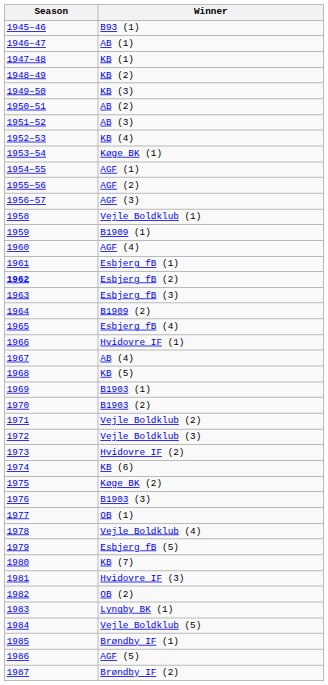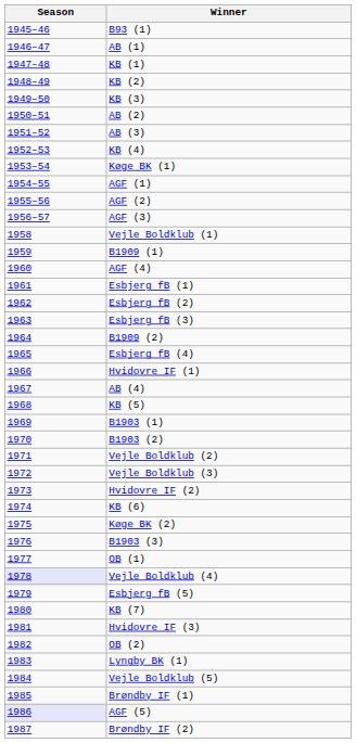 <table class="wikitable" style="width:400px; font-size:90%;">
 <tr>
 <th>Season</th>
 <th>Winner</th>
 </tr>
 <tr>
 <td><a href='#'>1945–46</a></td>
 <td><a href='#'>B93</a> (1)</td>
 </tr>
 <tr>
 <td><a href='#'>1946–47</a></td>
 <td><a href='#'>AB</a> (1)</td>
 </tr>
 <tr>
 <td><a href='#'>1947–48</a></td>
 <td><a href='#'>KB</a> (1)</td>
 </tr>
 <tr>
 <td><a href='#'>1948–49</a></td>
 <td><a href='#'>KB</a> (2)</td>
 </tr>
 <tr>
 <td><a href='#'>1949–50</a></td>
 <td><a href='#'>KB</a> (3)</td>
 </tr>
 <tr>
 <td><a href='#'>1950–51</a></td>
 <td><a href='#'>AB</a> (2)</td>
 </tr>
 <tr>
 <td><a href='#'>1951–52</a></td>
 <td><a href='#'>AB</a> (3)</td>
 </tr>
 <tr>
 <td><a href='#'>1952–53</a></td>
 <td><a href='#'>KB</a> (4)</td>
 </tr>
 <tr>
 <td><a href='#'>1953–54</a></td>
 <td><a href='#'>Køge BK</a> (1)</td>
 </tr>
 <tr>
 <td><a href='#'>1954–55</a></td>
 <td><a href='#'>AGF</a> (1)</td>
 </tr>
 <tr>
 <td><a href='#'>1955–56</a></td>
 <td><a href='#'>AGF</a> (2)</td>
 </tr>
 <tr>
 <td><a href='#'>1956–57</a></td>
 <td><a href='#'>AGF</a> (3)</td>
 </tr>
 <tr>
 <td><a href='#'>1958</a></td>
 <td><a href='#'>Vejle Boldklub</a> (1)</td>
 </tr>
 <tr>
 <td><a href='#'>1959</a></td>
 <td><a href='#'>B1909</a> (1)</td>
 </tr>
 <tr>
 <td><a href='#'>1960</a></td>
 <td><a href='#'>AGF</a> (4)</td>
 </tr>
 <tr>
 <td><a href='#'>1961</a></td>
 <td><a href='#'>Esbjerg fB</a> (1)</td>
 </tr>
 <tr>
-<td><strong><a href='#'>1962</a></strong></td>
+<td><a href='#'>1962</a></td>
 <td><a href='#'>Esbjerg fB</a> (2)</td>
 </tr>
 <tr>
 <td><a href='#'>1963</a></td>
 <td><a href='#'>Esbjerg fB</a> (3)</td>
 </tr>
 <tr>
 <td><a href='#'>1964</a></td>
 <td><a href='#'>B1909</a> (2)</td>
 </tr>
 <tr>
 <td><a href='#'>1965</a></td>
 <td><a href='#'>Esbjerg fB</a> (4)</td>
 </tr>
 <tr>
 <td><a href='#'>1966</a></td>
 <td><a href='#'>Hvidovre IF</a> (1)</td>
 </tr>
 <tr>
 <td><a href='#'>1967</a></td>
 <td><a href='#'>AB</a> (4)</td>
 </tr>
 <tr>
 <td><a href='#'>1968</a></td>
 <td><a href='#'>KB</a> (5)</td>
 </tr>
 <tr>
 <td><a href='#'>1969</a></td>
 <td><a href='#'>B1903</a> (1)</td>
 </tr>
 <tr>
 <td><a href='#'>1970</a></td>
 <td><a href='#'>B1903</a> (2)</td>
 </tr>
 <tr>
 <td><a href='#'>1971</a></td>
 <td><a href='#'>Vejle Boldklub</a> (2)</td>
 </tr>
 <tr>
 <td><a href='#'>1972</a></td>
 <td><a href='#'>Vejle Boldklub</a> (3)</td>
 </tr>
 <tr>
 <td><a href='#'>1973</a></td>
 <td><a href='#'>Hvidovre IF</a> (2)</td>
 </tr>
 <tr>
 <td><a href='#'>1974</a></td>
 <td><a href='#'>KB</a> (6)</td>
 </tr>
 <tr>
 <td><a href='#'>1975</a></td>
 <td><a href='#'>Køge BK</a> (2)</td>
 </tr>
 <tr>
 <td><a href='#'>1976</a></td>
 <td><a href='#'>B1903</a> (3)</td>
 </tr>
 <tr>
 <td><a href='#'>1977</a></td>
 <td><a href='#'>OB</a> (1)</td>
 </tr>
 <tr>
-<td><a href='#'>1978</a></td>
+<td style="background: lavender;"><a href='#'>1978</a></td>
 <td><a href='#'>Vejle Boldklub</a> (4)</td>
 </tr>
 <tr>
 <td><a href='#'>1979</a></td>
 <td><a href='#'>Esbjerg fB</a> (5)</td>
 </tr>
 <tr>
 <td><a href='#'>1980</a></td>
 <td><a href='#'>KB</a> (7)</td>
 </tr>
 <tr>
 <td><a href='#'>1981</a></td>
 <td><a href='#'>Hvidovre IF</a> (3)</td>
 </tr>
 <tr>
 <td><a href='#'>1982</a></td>
 <td><a href='#'>OB</a> (2)</td>
 </tr>
 <tr>
 <td><a href='#'>1983</a></td>
 <td><a href='#'>Lyngby BK</a> (1)</td>
 </tr>
 <tr>
 <td><a href='#'>1984</a></td>
 <td><a href='#'>Vejle Boldklub</a> (5)</td>
 </tr>
 <tr>
 <td><a href='#'>1985</a></td>
 <td><a href='#'>Brøndby IF</a> (1)</td>
 </tr>
 <tr>
-<td><a href='#'>1986</a></td>
+<td style="background: lavender;"><a href='#'>1986</a></td>
 <td><a href='#'>AGF</a> (5)</td>
 </tr>
 <tr>
 <td><a href='#'>1987</a></td>
 <td><a href='#'>Brøndby IF</a> (2)</td>
 </tr>
 </table>
